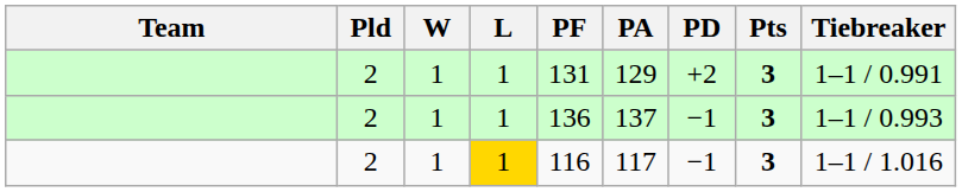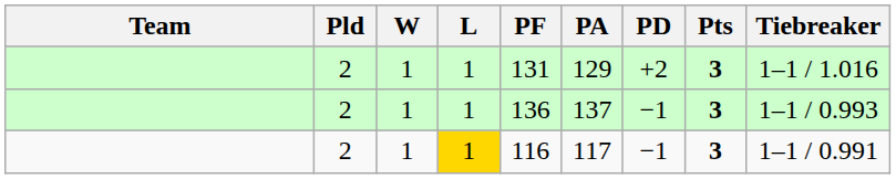 <table class=wikitable style="text-align:center">
 <tr>
 <th width=180>Team</th>
 <th width=30>Pld</th>
 <th width=30>W</th>
 <th width=30>L</th>
 <th width=30>PF</th>
 <th width=30>PA</th>
 <th width=30>PD</th>
 <th width=30>Pts</th>
 <th width=80>Tiebreaker</th>
 </tr>
 <tr align=center bgcolor="#ccffcc">
 <td align=left></td>
 <td>2</td>
 <td>1</td>
 <td>1</td>
 <td>131</td>
 <td>129</td>
 <td>+2</td>
 <td><strong>3</strong></td>
-<td>1–1 / 0.991</td>
+<td>1–1 / 1.016</td>
 </tr>
 <tr align=center bgcolor="#ccffcc">
 <td align=left></td>
 <td>2</td>
 <td>1</td>
 <td>1</td>
 <td>136</td>
 <td>137</td>
 <td>−1</td>
 <td><strong>3</strong></td>
 <td>1–1 / 0.993</td>
 </tr>
 <tr align=center>
 <td align=left></td>
 <td>2</td>
 <td>1</td>
 <td style="background: gold;">1</td>
 <td>116</td>
 <td>117</td>
 <td>−1</td>
 <td><strong>3</strong></td>
-<td>1–1 / 1.016</td>
+<td>1–1 / 0.991</td>
 </tr>
 </table>
